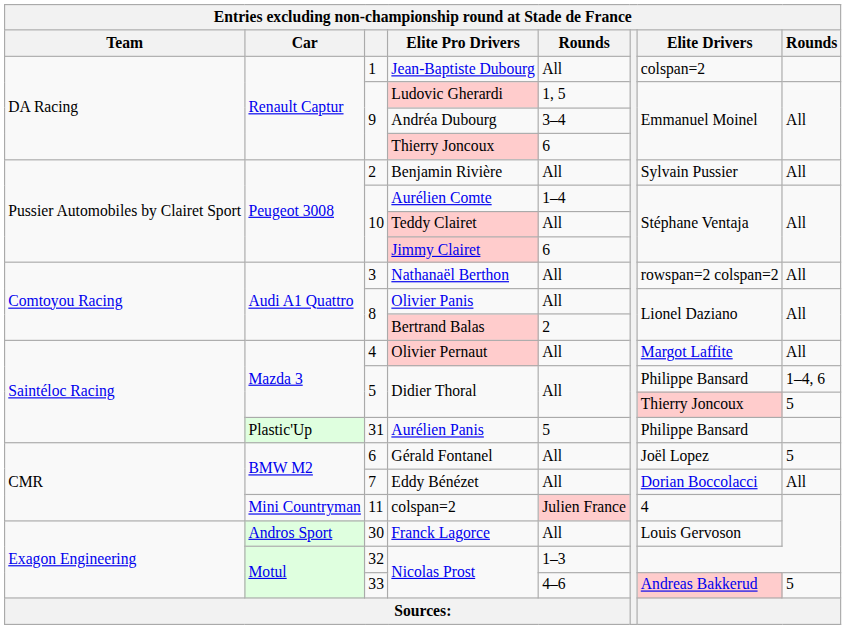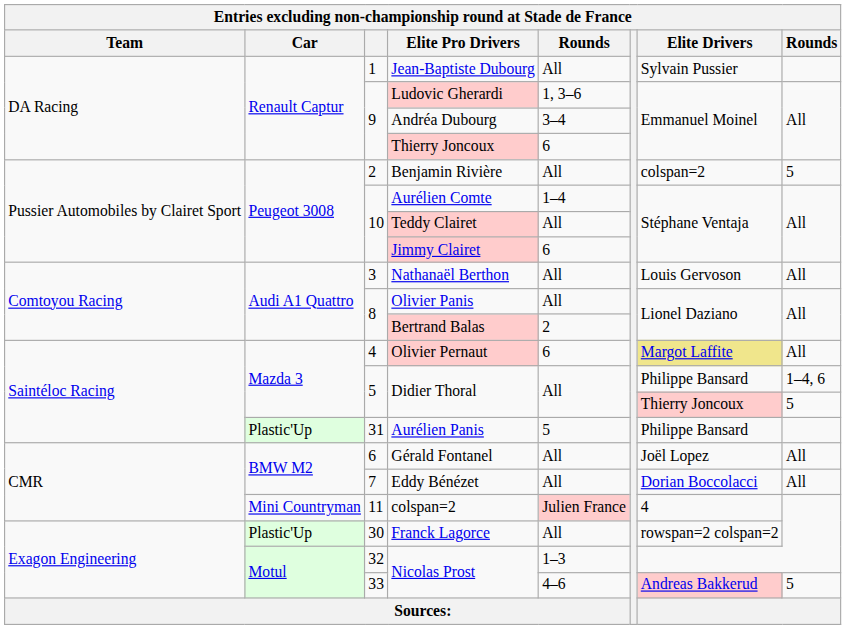 <table class="wikitable" style="font-size: 85%">
 <tr>
 <th colspan=8>Entries excluding non-championship round at Stade de France</th>
 </tr>
 <tr>
 <th>Team</th>
 <th>Car</th>
 <th></th>
 <th>Elite Pro Drivers</th>
 <th>Rounds</th>
 <th rowspan=23></th>
 <th>Elite Drivers</th>
 <th>Rounds</th>
 </tr>
 <tr>
 <td rowspan=4> DA Racing</td>
 <td rowspan=4><a href='#'>Renault Captur</a></td>
 <td>1</td>
 <td> <a href='#'>Jean-Baptiste Dubourg</a></td>
 <td>All</td>
-<td>colspan=2 </td>
+<td> Sylvain Pussier</td>
 </tr>
 <tr>
 <td rowspan=3>9</td>
 <td style="background:#FFCCCC;"> Ludovic Gherardi</td>
-<td>1, 5</td>
+<td>1, 3–6</td>
 <td rowspan=3> Emmanuel Moinel</td>
 <td rowspan=3>All</td>
 </tr>
 <tr>
 <td> Andréa Dubourg</td>
 <td>3–4</td>
 </tr>
 <tr>
 <td style="background:#FFCCCC;"> Thierry Joncoux</td>
 <td>6</td>
 </tr>
 <tr>
 <td rowspan=4> Pussier Automobiles by Clairet Sport</td>
 <td rowspan=4><a href='#'>Peugeot 3008</a></td>
 <td>2</td>
 <td> Benjamin Rivière</td>
 <td>All</td>
-<td> Sylvain Pussier</td>
-<td>All</td>
+<td>colspan=2 </td>
+<td>5</td>
 </tr>
 <tr>
 <td rowspan=3>10</td>
 <td> <a href='#'>Aurélien Comte</a></td>
 <td>1–4</td>
 <td rowspan=3> Stéphane Ventaja</td>
 <td rowspan=3>All</td>
 </tr>
 <tr>
 <td style="background:#FFCCCC;"> Teddy Clairet</td>
 <td>All</td>
 </tr>
 <tr>
 <td style="background:#FFCCCC;"> <a href='#'>Jimmy Clairet</a></td>
 <td>6</td>
 </tr>
 <tr>
 <td rowspan=3> <a href='#'>Comtoyou Racing</a></td>
 <td rowspan=3><a href='#'>Audi A1 Quattro</a></td>
 <td>3</td>
 <td> <a href='#'>Nathanaël Berthon</a></td>
 <td>All</td>
-<td>rowspan=2 colspan=2 </td>
+<td> Louis Gervoson</td>
 <td>All</td>
 </tr>
 <tr>
 <td rowspan=2>8</td>
 <td> <a href='#'>Olivier Panis</a></td>
 <td>All</td>
 <td rowspan=2> Lionel Daziano</td>
 <td rowspan=2>All</td>
 </tr>
 <tr>
 <td style="background:#FFCCCC;"> Bertrand Balas</td>
 <td>2</td>
 </tr>
 <tr>
 <td rowspan=4> <a href='#'>Saintéloc Racing</a></td>
 <td rowspan=3><a href='#'>Mazda 3</a></td>
 <td>4</td>
 <td style="background:#FFCCCC;"> Olivier Pernaut</td>
-<td>All</td>
-<td> <a href='#'>Margot Laffite</a></td>
+<td>6</td>
+<td style="background: khaki;"> <a href='#'>Margot Laffite</a></td>
 <td>All</td>
 </tr>
 <tr>
 <td rowspan=2>5</td>
 <td rowspan=2> Didier Thoral</td>
 <td rowspan=2>All</td>
 <td> Philippe Bansard</td>
 <td>1–4, 6</td>
 </tr>
 <tr>
 <td style="background:#FFCCCC;"> Thierry Joncoux</td>
 <td>5</td>
 </tr>
 <tr>
 <td style="background:#DFFFDF;">Plastic'Up</td>
 <td>31</td>
 <td> <a href='#'>Aurélien Panis</a></td>
 <td>5</td>
 <td> Philippe Bansard</td>
 </tr>
 <tr>
 <td rowspan=3> CMR</td>
 <td rowspan=2><a href='#'>BMW M2</a></td>
 <td>6</td>
 <td> Gérald Fontanel</td>
 <td>All</td>
 <td> Joël Lopez</td>
-<td>5</td>
+<td>All</td>
 </tr>
 <tr>
 <td>7</td>
 <td> Eddy Bénézet</td>
 <td>All</td>
 <td> <a href='#'>Dorian Boccolacci</a></td>
 <td>All</td>
 </tr>
 <tr>
 <td><a href='#'>Mini Countryman</a></td>
 <td>11</td>
 <td>colspan=2 </td>
 <td style="background:#FFCCCC;"> Julien France</td>
 <td>4</td>
 </tr>
 <tr>
 <td rowspan=3> <a href='#'>Exagon Engineering</a></td>
-<td style="background:#DFFFDF;"><a href='#'>Andros Sport</a></td>
+<td style="background:#DFFFDF;">Plastic'Up</td>
 <td>30</td>
 <td> <a href='#'>Franck Lagorce</a></td>
 <td>All</td>
-<td> Louis Gervoson</td>
+<td>rowspan=2 colspan=2 </td>
 </tr>
 <tr>
 <td rowspan=2 style="background:#DFFFDF;"><a href='#'>Motul</a></td>
 <td>32</td>
 <td rowspan=2> <a href='#'>Nicolas Prost</a></td>
 <td>1–3</td>
 </tr>
 <tr>
 <td>33</td>
 <td>4–6</td>
 <td style="background:#FFCCCC;"> <a href='#'>Andreas Bakkerud</a></td>
 <td>5</td>
 </tr>
 <tr>
 <th colspan=8>Sources:</th>
 </tr>
 </table>
